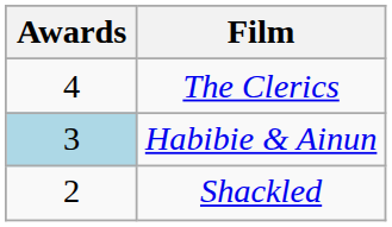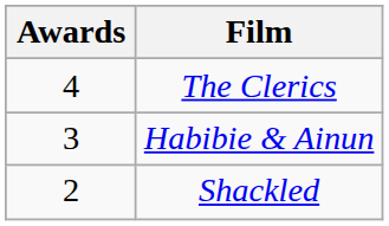 <table class="wikitable plainrowheaders" style="text-align:center;">
 <tr>
 <th scope="col" style="width:55px;">Awards</th>
 <th scope="col" style="text-align:center;">Film</th>
 </tr>
 <tr>
 <td>4</td>
 <td><em><a href='#'>The Clerics</a></em></td>
 </tr>
 <tr>
-<td style="background: lightblue;">3</td>
+<td>3</td>
 <td><em><a href='#'>Habibie & Ainun</a></em></td>
 </tr>
 <tr>
 <td>2</td>
 <td><em><a href='#'>Shackled</a></em></td>
 </tr>
 </table>
